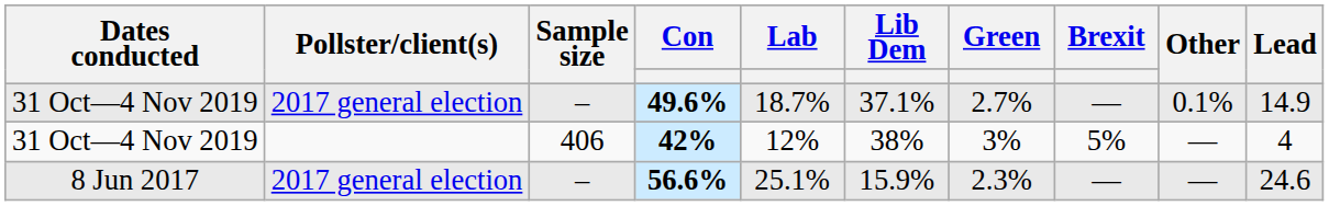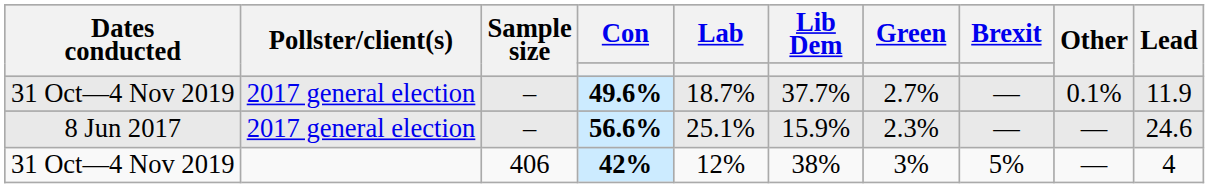 <table class="wikitable sortable mw-datatable" style="text-align:center;line-height:14px;">
 <tr>
 <th rowspan="2">Dates<br>conducted</th>
 <th rowspan="2">Pollster/client(s)</th>
 <th rowspan="2" data-sort-type="number">Sample<br>size</th>
 <th class="unsortable" style="width:50px;"><a href='#'>Con</a></th>
 <th class="unsortable" style="width:50px;"><a href='#'>Lab</a></th>
 <th class="unsortable" style="width:50px;"><a href='#'>Lib Dem</a></th>
 <th class="unsortable" style="width:50px;"><a href='#'>Green</a></th>
 <th class="unsortable" style="width:50px;"><a href='#'>Brexit</a></th>
 <th rowspan="2" class="unsortable">Other</th>
 <th rowspan="2" data-sort-type="number">Lead</th>
 </tr>
 <tr>
 <th data-sort-type="number" style="background:"></th>
 <th data-sort-type="number" style="background:"></th>
 <th data-sort-type="number" style="background:"></th>
 <th data-sort-type="number" style="background:"></th>
 <th data-sort-type="number" style="background:"></th>
 </tr>
 <tr style="background:#E9E9E9;">
 <td data-sort-value="2019-11-04">31 Oct—4 Nov 2019</td>
 <td><a href='#'>2017 general election</a></td>
 <td>–</td>
 <td style="background:#CCEBFF;"><strong>49.6%</strong></td>
 <td>18.7%</td>
-<td>37.1%</td>
+<td>37.7%</td>
 <td>2.7%</td>
 <td>—</td>
 <td>0.1%</td>
-<td style="background:">14.9</td>
+<td style="background:">11.9</td>
+</tr>
+<tr style="background:#E9E9E9;">
+<td data-sort-value="2017-06-08">8 Jun 2017</td>
+<td><a href='#'>2017 general election</a></td>
+<td>–</td>
+<td style="background:#CCEBFF;"><strong>56.6%</strong></td>
+<td>25.1%</td>
+<td>15.9%</td>
+<td>2.3%</td>
+<td>—</td>
+<td>—</td>
+<td style="background:">24.6</td>
 </tr>
 <tr>
 <td data-sort-value="2019-11-04">31 Oct—4 Nov 2019</td>
 <td></td>
 <td>406</td>
 <td style="background:#CCEBFF;"><strong>42%</strong></td>
 <td>12%</td>
 <td>38%</td>
 <td>3%</td>
 <td>5%</td>
 <td>—</td>
 <td style="background:">4</td>
 </tr>
-<tr style="background:#E9E9E9;">
-<td data-sort-value="2017-06-08">8 Jun 2017</td>
-<td><a href='#'>2017 general election</a></td>
-<td>–</td>
-<td style="background:#CCEBFF;"><strong>56.6%</strong></td>
-<td>25.1%</td>
-<td>15.9%</td>
-<td>2.3%</td>
-<td>—</td>
-<td>—</td>
-<td style="background:">24.6</td>
-</tr>
 </table>
